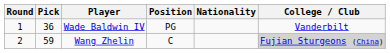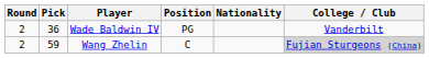 <table class="wikitable sortable sortable">
 <tr>
 <th>Round</th>
 <th>Pick</th>
 <th>Player</th>
 <th>Position</th>
 <th>Nationality</th>
 <th>College / Club</th>
 </tr>
 <tr style="text-align: center">
-<td>1</td>
+<td>2</td>
 <td>36</td>
 <td><a href='#'>Wade Baldwin IV</a></td>
 <td>PG</td>
 <td></td>
 <td><a href='#'>Vanderbilt</a></td>
 </tr>
 <tr style="text-align: center">
 <td>2</td>
 <td>59</td>
 <td><a href='#'>Wang Zhelin</a></td>
 <td>C</td>
 <td></td>
 <td style="background: lightgrey;"><a href='#'>Fujian Sturgeons</a> <small>(<a href='#'>China</a>)</small></td>
 </tr>
 </table>
